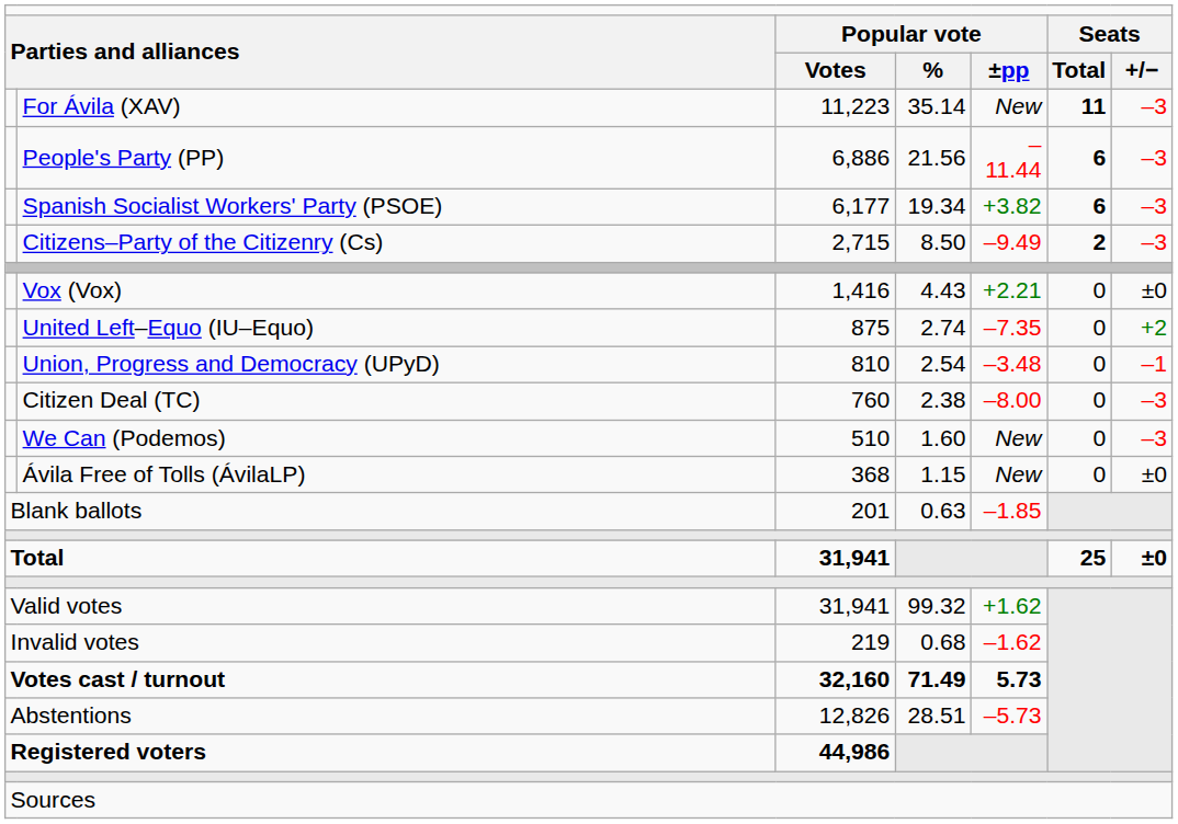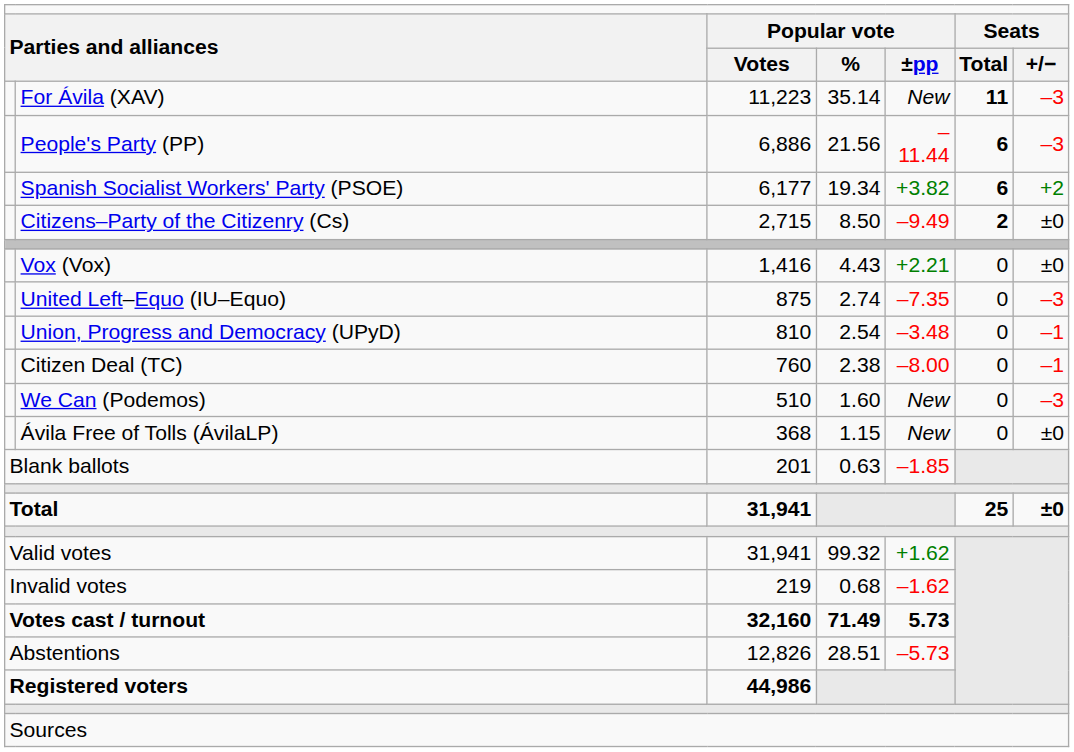 <table class="wikitable" style="text-align:right;">
 <tr>
 <td colspan="7"></td>
 </tr>
 <tr>
 <th style="text-align:left;" rowspan="2" colspan="2" width="525">Parties and alliances</th>
 <th colspan="3">Popular vote</th>
 <th colspan="2">Seats</th>
 </tr>
 <tr>
 <th width="75">Votes</th>
 <th width="45">%</th>
 <th width="45">±<a href='#'>pp</a></th>
 <th width="35">Total</th>
 <th width="35">+/−</th>
 </tr>
 <tr>
 <td width="1" style="color:inherit;background:"></td>
 <td align="left"><a href='#'>For Ávila</a> (XAV)</td>
 <td>11,223</td>
 <td>35.14</td>
 <td><em>New</em></td>
 <td><strong>11</strong></td>
 <td style="color:red;">–3</td>
 </tr>
 <tr>
 <td style="color:inherit;background:"></td>
 <td align="left"><a href='#'>People's Party</a> (PP)</td>
 <td>6,886</td>
 <td>21.56</td>
 <td style="color:red;">–11.44</td>
 <td><strong>6</strong></td>
 <td style="color:red;">–3</td>
 </tr>
 <tr>
 <td style="color:inherit;background:"></td>
 <td align="left"><a href='#'>Spanish Socialist Workers' Party</a> (PSOE)</td>
 <td>6,177</td>
 <td>19.34</td>
 <td style="color:green;">+3.82</td>
 <td><strong>6</strong></td>
-<td style="color:red;">–3</td>
+<td style="color:green;">+2</td>
 </tr>
 <tr>
 <td style="color:inherit;background:"></td>
 <td align="left"><a href='#'>Citizens–Party of the Citizenry</a> (Cs)</td>
 <td>2,715</td>
 <td>8.50</td>
 <td style="color:red;">–9.49</td>
 <td><strong>2</strong></td>
-<td style="color:red;">–3</td>
+<td>±0</td>
 </tr>
 <tr>
 <td colspan="7" bgcolor="#C0C0C0"></td>
 </tr>
 <tr>
 <td style="color:inherit;background:"></td>
 <td align="left"><a href='#'>Vox</a> (Vox)</td>
 <td>1,416</td>
 <td>4.43</td>
 <td style="color:green;">+2.21</td>
 <td>0</td>
 <td>±0</td>
 </tr>
 <tr>
 <td style="color:inherit;background:"></td>
 <td align="left"><a href='#'>United Left</a>–<a href='#'>Equo</a> (IU–Equo)</td>
 <td>875</td>
 <td>2.74</td>
 <td style="color:red;">–7.35</td>
 <td>0</td>
-<td style="color:green;">+2</td>
+<td style="color:red;">–3</td>
 </tr>
 <tr>
 <td style="color:inherit;background:"></td>
 <td align="left"><a href='#'>Union, Progress and Democracy</a> (UPyD)</td>
 <td>810</td>
 <td>2.54</td>
 <td style="color:red;">–3.48</td>
 <td>0</td>
 <td style="color:red;">–1</td>
 </tr>
 <tr>
 <td style="color:inherit;background:"></td>
 <td align="left">Citizen Deal (TC)</td>
 <td>760</td>
 <td>2.38</td>
 <td style="color:red;">–8.00</td>
 <td>0</td>
-<td style="color:red;">–3</td>
+<td style="color:red;">–1</td>
 </tr>
 <tr>
 <td style="color:inherit;background:"></td>
 <td align="left"><a href='#'>We Can</a> (Podemos)</td>
 <td>510</td>
 <td>1.60</td>
 <td><em>New</em></td>
 <td>0</td>
 <td style="color:red;">–3</td>
 </tr>
 <tr>
 <td style="color:inherit;background:"></td>
 <td align="left">Ávila Free of Tolls (ÁvilaLP)</td>
 <td>368</td>
 <td>1.15</td>
 <td><em>New</em></td>
 <td>0</td>
 <td>±0</td>
 </tr>
 <tr>
 <td align="left" colspan="2">Blank ballots</td>
 <td>201</td>
 <td>0.63</td>
 <td style="color:red;">–1.85</td>
 <td bgcolor="#E9E9E9" colspan="2"></td>
 </tr>
 <tr>
 <td colspan="7" bgcolor="#E9E9E9"></td>
 </tr>
 <tr style="font-weight:bold;">
 <td align="left" colspan="2">Total</td>
 <td>31,941</td>
 <td bgcolor="#E9E9E9" colspan="2"></td>
 <td>25</td>
 <td>±0</td>
 </tr>
 <tr>
 <td colspan="7" bgcolor="#E9E9E9"></td>
 </tr>
 <tr>
 <td align="left" colspan="2">Valid votes</td>
 <td>31,941</td>
 <td>99.32</td>
 <td style="color:green;">+1.62</td>
 <td bgcolor="#E9E9E9" colspan="2" rowspan="5"></td>
 </tr>
 <tr>
 <td align="left" colspan="2">Invalid votes</td>
 <td>219</td>
 <td>0.68</td>
 <td style="color:red;">–1.62</td>
 </tr>
 <tr style="font-weight:bold;">
 <td align="left" colspan="2">Votes cast / turnout</td>
 <td>32,160</td>
 <td>71.49</td>
 <td>5.73</td>
 </tr>
 <tr>
 <td align="left" colspan="2">Abstentions</td>
 <td>12,826</td>
 <td>28.51</td>
 <td style="color:red;">–5.73</td>
 </tr>
 <tr style="font-weight:bold;">
 <td align="left" colspan="2">Registered voters</td>
 <td>44,986</td>
 <td bgcolor="#E9E9E9" colspan="2"></td>
 </tr>
 <tr>
 <td colspan="7" bgcolor="#E9E9E9"></td>
 </tr>
 <tr>
 <td align="left" colspan="7">Sources</td>
 </tr>
 </table>
